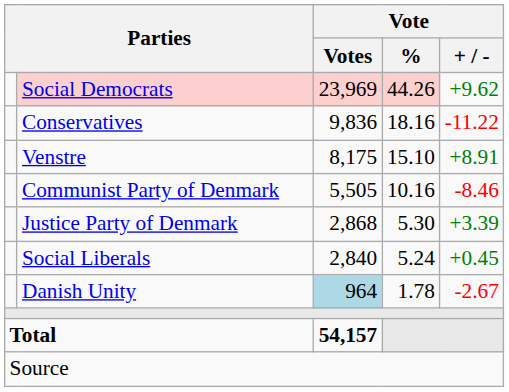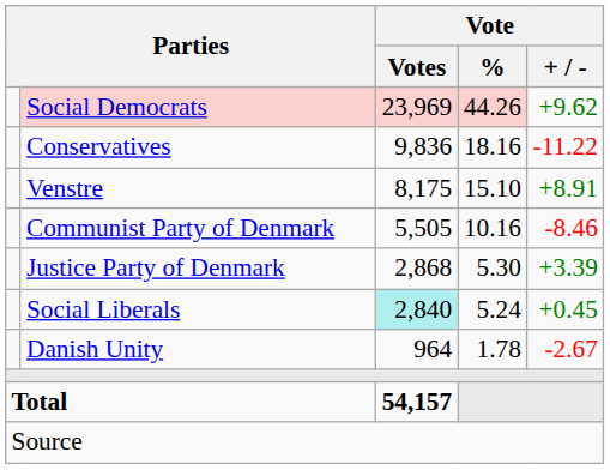 <table class="wikitable" style="text-align:right;">
 <tr>
 <th style="text-align:centre;" rowspan="2" colspan="2" width="225">Parties</th>
 <th colspan="3">Vote</th>
 </tr>
 <tr>
 <th width="15">Votes</th>
 <th width="15">%</th>
 <th width="15">+ / -</th>
 </tr>
 <tr>
 <td width="2" style="color:inherit;background:"></td>
 <td bgcolor=#fbd0ce  align="left"><a href='#'>Social Democrats</a></td>
 <td bgcolor=#fbd0ce>23,969</td>
 <td bgcolor=#fbd0ce>44.26</td>
 <td style=color:green;>+9.62</td>
 </tr>
 <tr>
 <td width="2" style="color:inherit;background:"></td>
 <td align="left"><a href='#'>Conservatives</a></td>
 <td>9,836</td>
 <td>18.16</td>
 <td style=color:red;>-11.22</td>
 </tr>
 <tr>
 <td width="2" style="color:inherit;background:"></td>
 <td align="left"><a href='#'>Venstre</a></td>
 <td>8,175</td>
 <td>15.10</td>
 <td style=color:green;>+8.91</td>
 </tr>
 <tr>
 <td width="2" style="color:inherit;background:"></td>
 <td align="left"><a href='#'>Communist Party of Denmark</a></td>
 <td>5,505</td>
 <td>10.16</td>
 <td style=color:red;>-8.46</td>
 </tr>
 <tr>
 <td width="2" style="color:inherit;background:"></td>
 <td align="left"><a href='#'>Justice Party of Denmark</a></td>
 <td>2,868</td>
 <td>5.30</td>
 <td style=color:green;>+3.39</td>
 </tr>
 <tr>
 <td width="2" style="color:inherit;background:"></td>
 <td align="left"><a href='#'>Social Liberals</a></td>
-<td>2,840</td>
+<td style="background: paleturquoise;">2,840</td>
 <td>5.24</td>
 <td style=color:green;>+0.45</td>
 </tr>
 <tr>
 <td width="2" style="color:inherit;background:"></td>
 <td align="left"><a href='#'>Danish Unity</a></td>
-<td style="background: lightblue;">964</td>
+<td>964</td>
 <td>1.78</td>
 <td style=color:red;>-2.67</td>
 </tr>
 <tr>
 <td colspan="7" bgcolor="#E9E9E9"></td>
 </tr>
 <tr>
 <td align="left" colspan="2"><strong>Total</strong></td>
 <td><strong>54,157</strong></td>
 <td bgcolor="#E9E9E9" colspan="2"></td>
 </tr>
 <tr>
 <td align="left" colspan="6">Source</td>
 </tr>
 </table>
